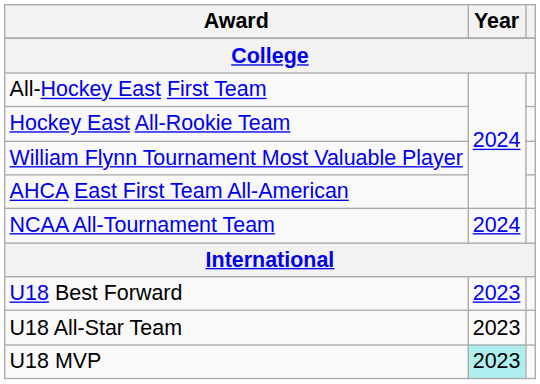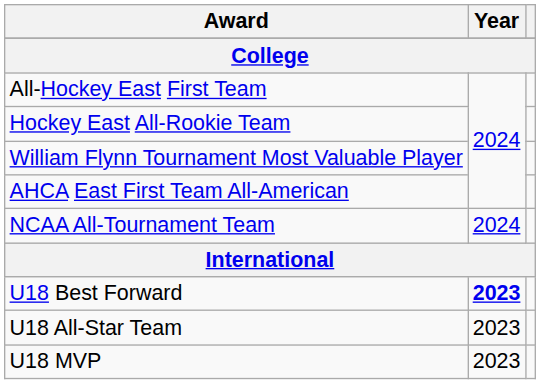 <table class="wikitable">
 <tr>
 <th>Award</th>
 <th>Year</th>
 <th></th>
 </tr>
 <tr ALIGN="center" bgcolor="#e0e0e0">
 </tr>
 <tr>
 <th colspan="3"><a href='#'>College</a></th>
 </tr>
 <tr>
 <td>All-<a href='#'>Hockey East</a> <a href='#'>First Team</a></td>
 <td rowspan="4"><a href='#'>2024</a></td>
 <td></td>
 </tr>
 <tr>
 <td><a href='#'>Hockey East</a> <a href='#'>All-Rookie Team</a></td>
 <td></td>
 </tr>
 <tr>
 <td><a href='#'>William Flynn Tournament Most Valuable Player</a></td>
 <td></td>
 </tr>
 <tr>
 <td><a href='#'>AHCA</a> <a href='#'>East First Team All-American</a></td>
 <td></td>
 </tr>
 <tr>
 <td><a href='#'>NCAA All-Tournament Team</a></td>
 <td><a href='#'>2024</a></td>
 <td></td>
 </tr>
 <tr ALIGN="center" bgcolor="#e0e0e0">
 <th colspan="3"><a href='#'>International</a></th>
 </tr>
 <tr>
 <td><a href='#'>U18</a> Best Forward</td>
-<td><a href='#'>2023</a></td>
+<td><strong><a href='#'>2023</a></strong></td>
 <td></td>
 </tr>
 <tr>
 <td>U18 All-Star Team</td>
 <td>2023</td>
 <td></td>
 </tr>
 <tr>
 <td>U18 MVP</td>
-<td style="background: paleturquoise;">2023</td>
+<td>2023</td>
 <td></td>
 </tr>
 </table>
